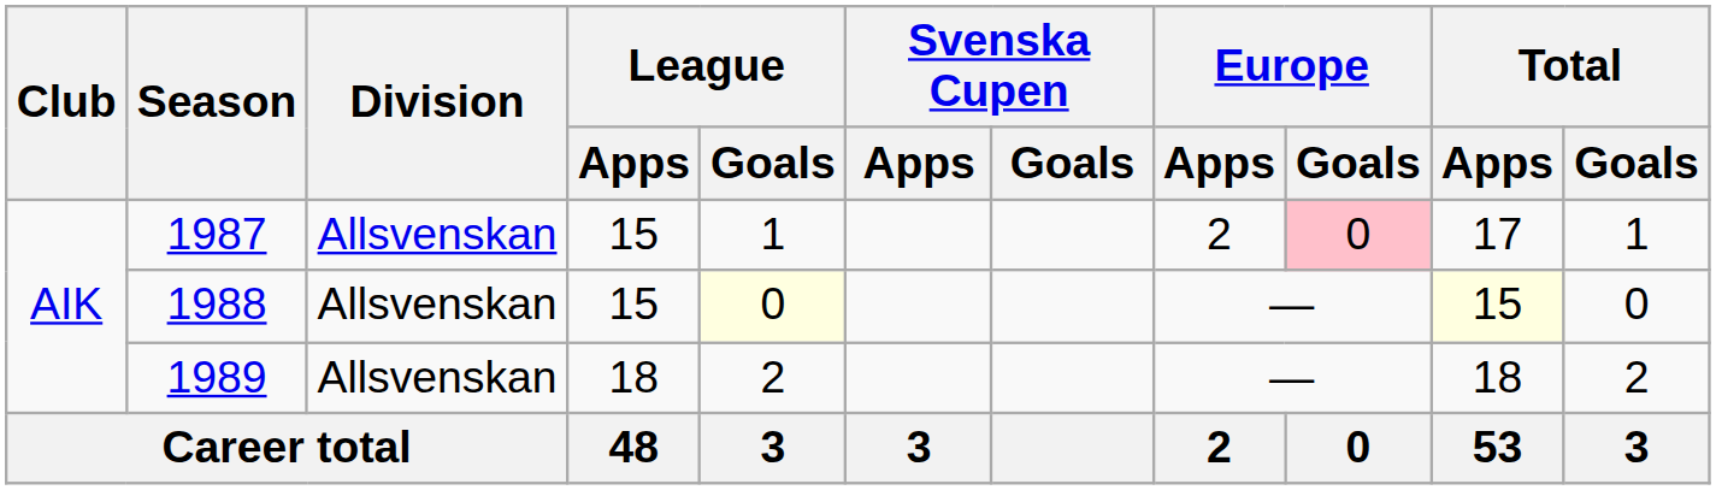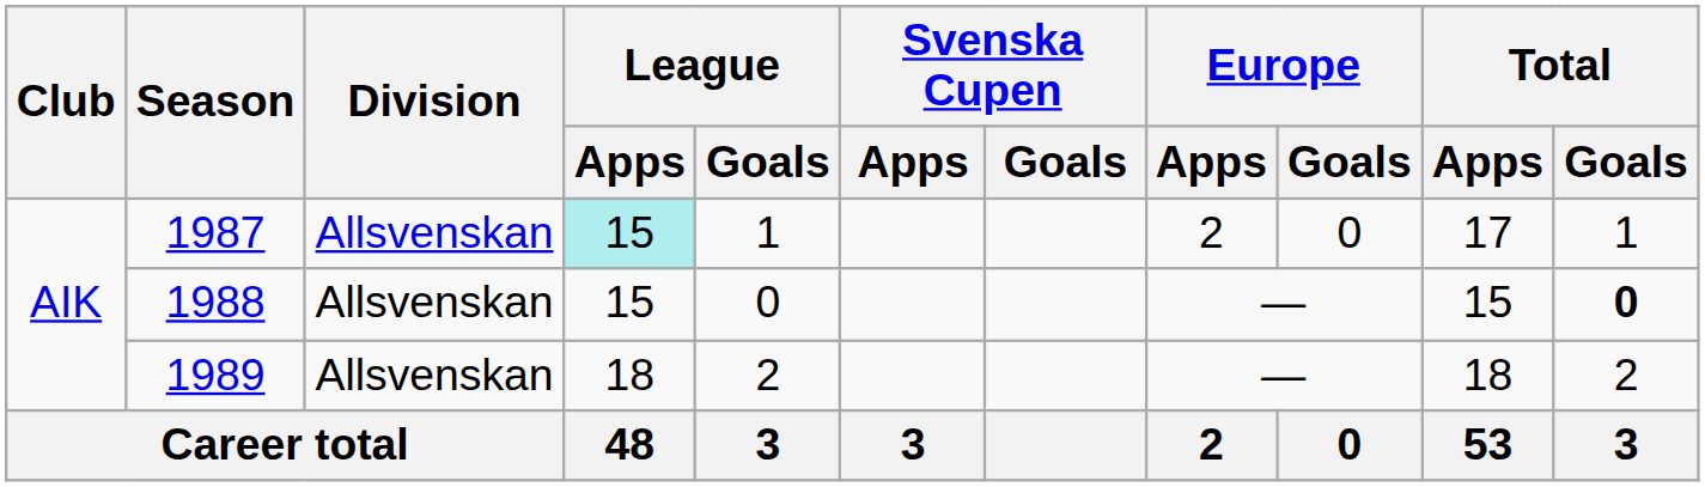 <table class="wikitable" style="text-align:center">
 <tr>
 <th rowspan="2">Club</th>
 <th rowspan="2">Season</th>
 <th rowspan="2">Division</th>
 <th colspan="2">League</th>
 <th colspan="2"><a href='#'>Svenska Cupen</a></th>
 <th colspan="2"><a href='#'>Europe</a></th>
 <th colspan="2">Total</th>
 </tr>
 <tr>
 <th>Apps</th>
 <th>Goals</th>
 <th>Apps</th>
 <th>Goals</th>
 <th>Apps</th>
 <th>Goals</th>
 <th>Apps</th>
 <th>Goals</th>
 </tr>
 <tr>
 <td rowspan="3"><a href='#'>AIK</a></td>
 <td><a href='#'>1987</a></td>
 <td><a href='#'>Allsvenskan</a></td>
-<td>15</td>
+<td style="background: paleturquoise;">15</td>
 <td>1</td>
 <td></td>
 <td></td>
 <td>2</td>
-<td style="background: pink;">0</td>
+<td>0</td>
 <td>17</td>
 <td>1</td>
 </tr>
 <tr>
 <td><a href='#'>1988</a></td>
 <td>Allsvenskan</td>
 <td>15</td>
-<td style="background: lightyellow;">0</td>
+<td>0</td>
 <td></td>
 <td></td>
 <td colspan="2">—</td>
-<td style="background: lightyellow;">15</td>
-<td>0</td>
+<td>15</td>
+<td><strong>0</strong></td>
 </tr>
 <tr>
 <td><a href='#'>1989</a></td>
 <td>Allsvenskan</td>
 <td>18</td>
 <td>2</td>
 <td></td>
 <td></td>
 <td colspan="2">—</td>
 <td>18</td>
 <td>2</td>
 </tr>
 <tr>
 <th colspan="3">Career total</th>
 <th>48</th>
 <th>3</th>
 <th>3</th>
 <th></th>
 <th>2</th>
 <th>0</th>
 <th>53</th>
 <th>3</th>
 </tr>
 </table>
